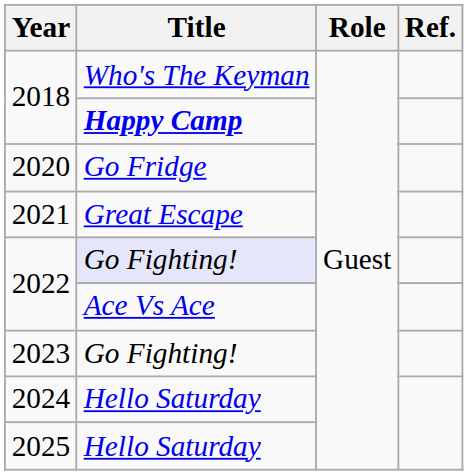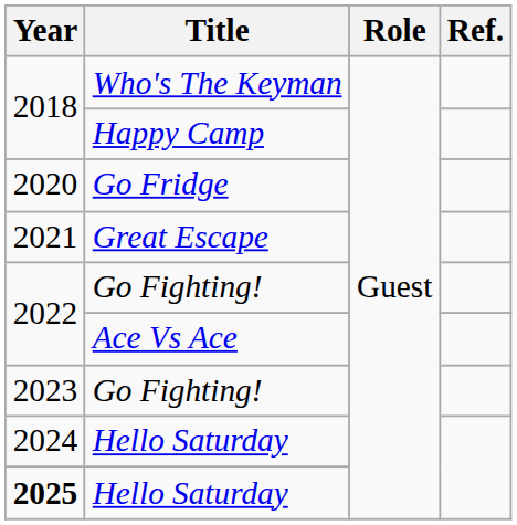 <table class="wikitable">
 <tr>
 <th width=10>Year</th>
 <th>Title</th>
 <th>Role</th>
 <th>Ref.</th>
 </tr>
 <tr>
 <td rowspan=2>2018</td>
 <td><em><a href='#'>Who's The Keyman</a></em><br></td>
 <td rowspan=9>Guest</td>
 <td></td>
 </tr>
 <tr>
-<td><strong><em><a href='#'>Happy Camp</a></em></strong></td>
+<td><em><a href='#'>Happy Camp</a></em></td>
 <td></td>
 </tr>
 <tr>
 <td>2020</td>
 <td><em><a href='#'>Go Fridge</a></em><br></td>
 <td></td>
 </tr>
 <tr>
 <td>2021</td>
 <td><em><a href='#'>Great Escape</a></em><br></td>
 <td></td>
 </tr>
 <tr>
 <td rowspan=2>2022</td>
-<td style="background: lavender;"><em>Go Fighting!</em><br></td>
+<td><em>Go Fighting!</em><br></td>
 <td></td>
 </tr>
 <tr>
 <td><em><a href='#'>Ace Vs Ace</a></em><br></td>
 <td></td>
 </tr>
 <tr>
 <td>2023</td>
 <td><em>Go Fighting!</em><br></td>
 <td></td>
 </tr>
 <tr>
 <td>2024</td>
 <td><em><a href='#'>Hello Saturday</a></em><br></td>
 <td rowspan=2></td>
 </tr>
 <tr>
-<td>2025</td>
+<td><strong>2025</strong></td>
 <td><em><a href='#'>Hello Saturday</a></em><br></td>
 </tr>
 </table>
